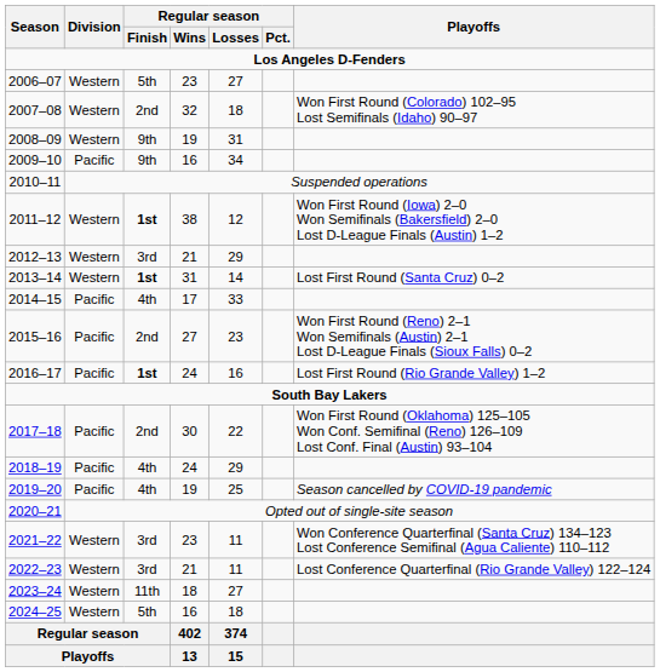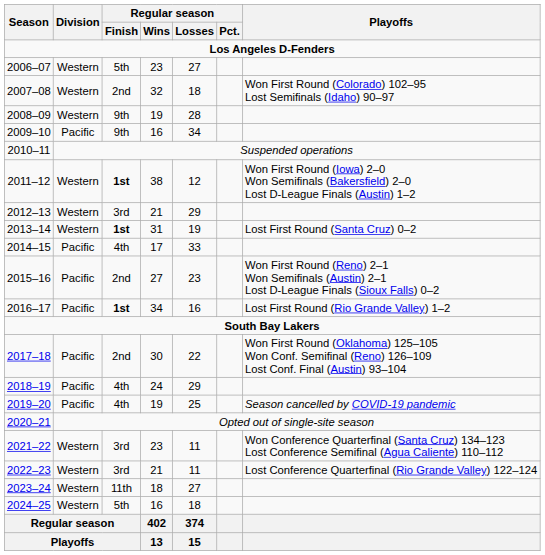 <table class="wikitable" style="font-size:95%; text-align:center">
 <tr>
 <th rowspan=2>Season</th>
 <th rowspan=2>Division</th>
 <th colspan=4>Regular season</th>
 <th rowspan=2>Playoffs</th>
 </tr>
 <tr>
 <th>Finish</th>
 <th>Wins</th>
 <th>Losses</th>
 <th>Pct.</th>
 </tr>
 <tr>
 <td colspan=7><strong>Los Angeles D-Fenders</strong></td>
 </tr>
 <tr>
 <td>2006–07</td>
 <td>Western</td>
 <td>5th</td>
 <td>23</td>
 <td>27</td>
 <td></td>
 <td></td>
 </tr>
 <tr>
 <td>2007–08</td>
 <td>Western</td>
 <td>2nd</td>
 <td>32</td>
 <td>18</td>
 <td></td>
 <td align=left>Won First Round (<a href='#'>Colorado</a>) 102–95<br> Lost Semifinals (<a href='#'>Idaho</a>) 90–97</td>
 </tr>
 <tr>
 <td>2008–09</td>
 <td>Western</td>
 <td>9th</td>
 <td>19</td>
-<td>31</td>
+<td>28</td>
 <td></td>
 <td></td>
 </tr>
 <tr>
 <td>2009–10</td>
 <td>Pacific</td>
 <td>9th</td>
 <td>16</td>
 <td>34</td>
 <td></td>
 <td></td>
 </tr>
 <tr>
 <td>2010–11</td>
 <td colspan="6"><em>Suspended operations</em></td>
 </tr>
 <tr>
 <td>2011–12</td>
 <td>Western</td>
 <td><strong>1st</strong></td>
 <td>38</td>
 <td>12</td>
 <td></td>
 <td align=left>Won First Round (<a href='#'>Iowa</a>) 2–0<br>Won Semifinals (<a href='#'>Bakersfield</a>) 2–0<br>Lost D-League Finals (<a href='#'>Austin</a>) 1–2</td>
 </tr>
 <tr>
 <td>2012–13</td>
 <td>Western</td>
 <td>3rd</td>
 <td>21</td>
 <td>29</td>
 <td></td>
 <td></td>
 </tr>
 <tr>
 <td>2013–14</td>
 <td>Western</td>
 <td><strong>1st</strong></td>
 <td>31</td>
-<td>14</td>
+<td>19</td>
 <td></td>
 <td align=left>Lost First Round (<a href='#'>Santa Cruz</a>) 0–2</td>
 </tr>
 <tr>
 <td>2014–15</td>
 <td>Pacific</td>
 <td>4th</td>
 <td>17</td>
 <td>33</td>
 <td></td>
 <td></td>
 </tr>
 <tr>
 <td>2015–16</td>
 <td>Pacific</td>
 <td>2nd</td>
 <td>27</td>
 <td>23</td>
 <td></td>
 <td align=left>Won First Round (<a href='#'>Reno</a>) 2–1<br>Won Semifinals (<a href='#'>Austin</a>) 2–1<br>Lost D-League Finals (<a href='#'>Sioux Falls</a>) 0–2</td>
 </tr>
 <tr>
 <td>2016–17</td>
 <td>Pacific</td>
 <td><strong>1st</strong></td>
-<td>24</td>
+<td>34</td>
 <td>16</td>
 <td></td>
 <td align=left>Lost First Round (<a href='#'>Rio Grande Valley</a>) 1–2</td>
 </tr>
 <tr>
 <td colspan=7 align=center><strong>South Bay Lakers</strong></td>
 </tr>
 <tr>
 <td><a href='#'>2017–18</a></td>
 <td>Pacific</td>
 <td>2nd</td>
 <td>30</td>
 <td>22</td>
 <td></td>
 <td align=left>Won First Round (<a href='#'>Oklahoma</a>) 125–105<br>Won Conf. Semifinal (<a href='#'>Reno</a>) 126–109<br>Lost Conf. Final (<a href='#'>Austin</a>) 93–104</td>
 </tr>
 <tr>
 <td><a href='#'>2018–19</a></td>
 <td>Pacific</td>
 <td>4th</td>
 <td>24</td>
 <td>29</td>
 <td></td>
 <td align=left></td>
 </tr>
 <tr>
 <td><a href='#'>2019–20</a></td>
 <td>Pacific</td>
 <td>4th</td>
 <td>19</td>
 <td>25</td>
 <td></td>
 <td align=left><em>Season cancelled by <a href='#'>COVID-19 pandemic</a></em></td>
 </tr>
 <tr>
 <td><a href='#'>2020–21</a></td>
 <td colspan="7"><em>Opted out of single-site season</em></td>
 </tr>
 <tr>
 <td><a href='#'>2021–22</a></td>
 <td>Western</td>
 <td>3rd</td>
 <td>23</td>
 <td>11</td>
 <td></td>
 <td align=left>Won Conference Quarterfinal (<a href='#'>Santa Cruz</a>) 134–123<br>Lost Conference Semifinal (<a href='#'>Agua Caliente</a>) 110–112</td>
 </tr>
 <tr>
 <td><a href='#'>2022–23</a></td>
 <td>Western</td>
 <td>3rd</td>
 <td>21</td>
 <td>11</td>
 <td></td>
 <td align=left>Lost Conference Quarterfinal (<a href='#'>Rio Grande Valley</a>) 122–124</td>
 </tr>
 <tr>
 <td><a href='#'>2023–24</a></td>
 <td>Western</td>
 <td>11th</td>
 <td>18</td>
 <td>27</td>
 <td></td>
 <td align=left></td>
 </tr>
 <tr>
 <td><a href='#'>2024–25</a></td>
 <td>Western</td>
 <td>5th</td>
 <td>16</td>
 <td>18</td>
 <td></td>
 <td align=left></td>
 </tr>
 <tr>
 <th colspan=3>Regular season</th>
 <th>402</th>
 <th>374</th>
 <th></th>
 <th></th>
 </tr>
 <tr>
 <th colspan=3>Playoffs</th>
 <th>13</th>
 <th>15</th>
 <th></th>
 <th></th>
 </tr>
 </table>
